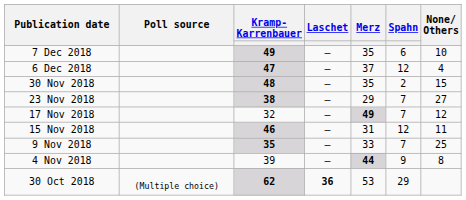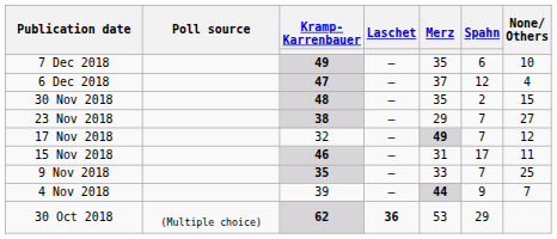 <table class="wikitable" style="text-align:center; font-size:100%; line-height:14px;">
 <tr style="height:42px;">
 <th style="width:145px;" rowspan="2">Publication date</th>
 <th style="width:145px;" rowspan="2">Poll source</th>
 <th style="width:40px;"><br><a href='#'>Kramp-Karrenbauer</a></th>
 <th style="width:40px;"><br><a href='#'>Laschet</a></th>
 <th style="width:40px;"><br><a href='#'>Merz</a><br></th>
 <th style="width:40px;"><br><a href='#'>Spahn</a></th>
 <th style="width:40px;" rowspan="2">None/<br>Others</th>
 </tr>
 <tr>
 <th style="color:inherit;background:"></th>
 <th style="color:inherit;background:"></th>
 <th style="color:inherit;background:"></th>
 <th style="color:inherit;background:"></th>
 </tr>
 <tr>
 <td>7 Dec 2018</td>
 <td></td>
 <td style="background:#D7D5D7"><strong>49</strong></td>
 <td>—</td>
 <td>35</td>
 <td>6</td>
 <td>10</td>
 </tr>
 <tr>
 <td>6 Dec 2018</td>
 <td></td>
 <td style="background:#D7D5D7"><strong>47</strong></td>
 <td>—</td>
 <td>37</td>
 <td>12</td>
 <td>4</td>
 </tr>
 <tr>
 <td>30 Nov 2018</td>
 <td></td>
 <td style="background:#D7D5D7"><strong>48</strong></td>
 <td>—</td>
 <td>35</td>
 <td>2</td>
 <td>15</td>
 </tr>
 <tr>
 <td>23 Nov 2018</td>
 <td></td>
 <td style="background:#D7D5D7"><strong>38</strong></td>
 <td>—</td>
 <td>29</td>
 <td>7</td>
 <td>27</td>
 </tr>
 <tr>
 <td>17 Nov 2018</td>
 <td></td>
 <td>32</td>
 <td>—</td>
 <td style="background:#D7D5D7"><strong>49</strong></td>
 <td>7</td>
 <td>12</td>
 </tr>
 <tr>
 <td>15 Nov 2018</td>
 <td></td>
 <td style="background:#D7D5D7"><strong>46</strong></td>
 <td>—</td>
 <td>31</td>
-<td>12</td>
+<td>17</td>
 <td>11</td>
 </tr>
 <tr>
 <td>9 Nov 2018</td>
 <td></td>
 <td style="background:#D7D5D7"><strong>35</strong></td>
 <td>—</td>
 <td>33</td>
 <td>7</td>
 <td>25</td>
 </tr>
 <tr>
 <td>4 Nov 2018</td>
 <td></td>
 <td>39</td>
 <td>—</td>
 <td style="background:#D7D5D7"><strong>44</strong></td>
 <td>9</td>
-<td>8</td>
+<td>7</td>
 </tr>
 <tr>
 <td>30 Oct 2018</td>
 <td><br><small>(Multiple choice)</small></td>
 <td style="background:#D7D5D7"><strong>62</strong></td>
 <td><strong>36</strong></td>
 <td>53</td>
 <td>29</td>
 <td></td>
 </tr>
 </table>
